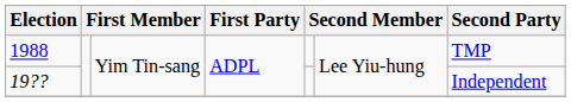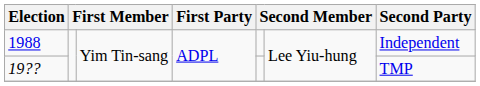 <table class="wikitable">
 <tr>
 <th>Election</th>
 <th colspan="2">First Member</th>
 <th>First Party</th>
 <th colspan="2">Second Member</th>
 <th>Second Party</th>
 </tr>
 <tr>
 <td><a href='#'>1988</a></td>
 <td rowspan=2 style="color:inherit;background-color:"></td>
 <td rowspan=2>Yim Tin-sang</td>
 <td rowspan=2><a href='#'>ADPL</a></td>
 <td rowspan=1 style="color:inherit;background-color:"></td>
 <td rowspan=2>Lee Yiu-hung</td>
-<td rowspan=1><a href='#'>TMP</a></td>
+<td rowspan=1><a href='#'>Independent</a></td>
 </tr>
 <tr>
 <td><em>19??</em></td>
 <td rowspan=1 style="color:inherit;background-color:"></td>
-<td rowspan=1><a href='#'>Independent</a></td>
+<td rowspan=1><a href='#'>TMP</a></td>
 </tr>
 <tr>
 </tr>
 </table>
